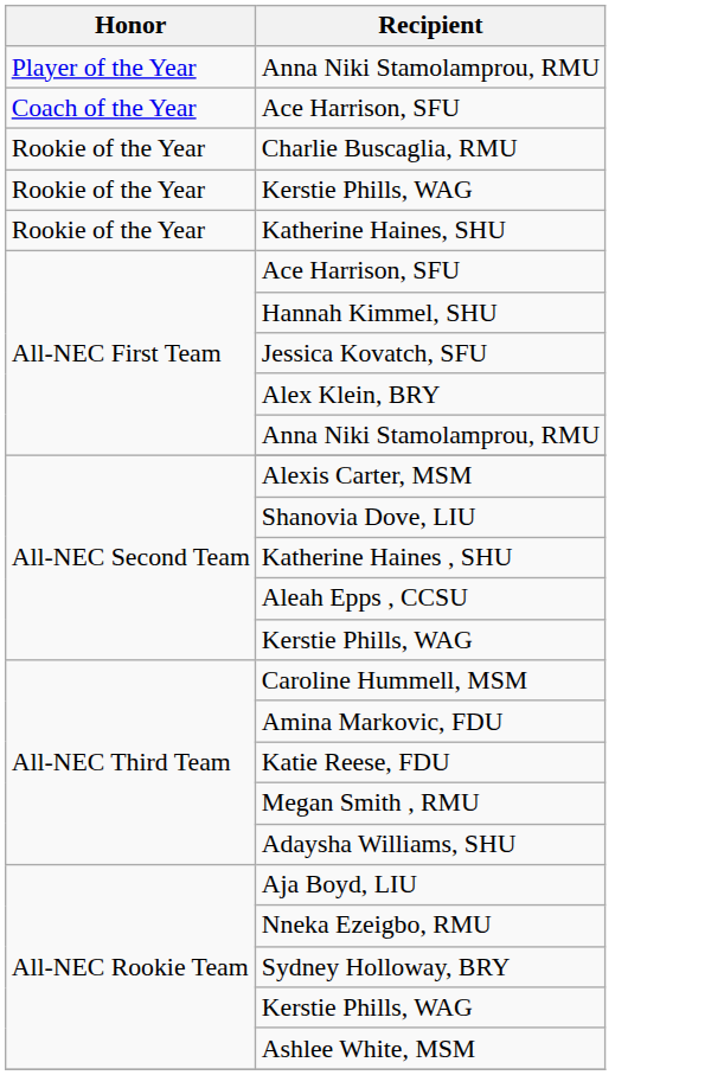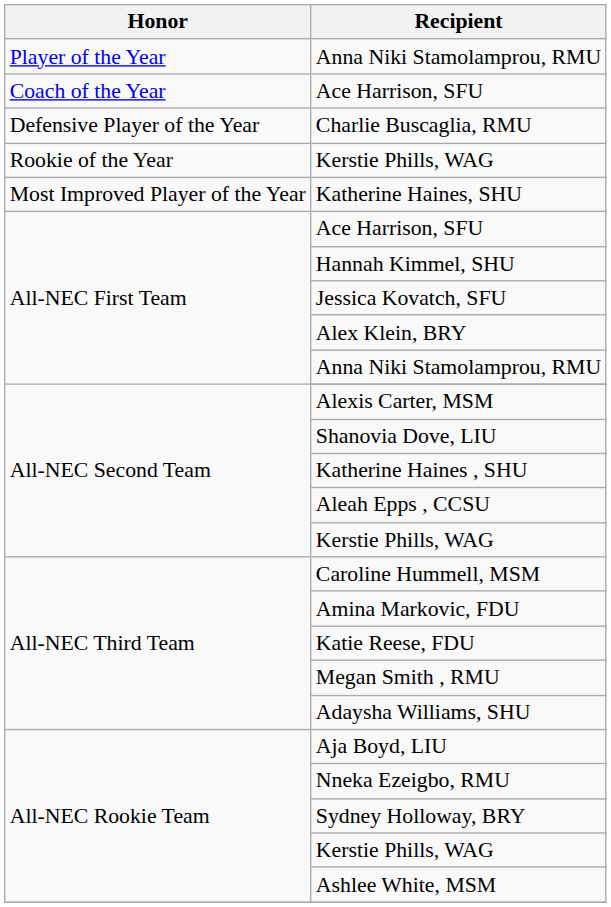 <table class="wikitable" border="1">
 <tr>
 <th>Honor</th>
 <th>Recipient</th>
 </tr>
 <tr>
 <td><a href='#'>Player of the Year</a></td>
 <td>Anna Niki Stamolamprou, RMU</td>
 </tr>
 <tr>
 <td><a href='#'>Coach of the Year</a></td>
 <td>Ace Harrison, SFU</td>
 </tr>
 <tr>
-<td>Rookie of the Year</td>
+<td>Defensive Player of the Year</td>
 <td>Charlie Buscaglia, RMU</td>
 </tr>
 <tr>
 <td>Rookie of the Year</td>
 <td>Kerstie Phills, WAG</td>
 </tr>
 <tr>
-<td>Rookie of the Year</td>
+<td>Most Improved Player of the Year</td>
 <td>Katherine Haines, SHU</td>
 </tr>
 <tr>
 <td rowspan="5" valign="middle">All-NEC First Team</td>
 <td>Ace Harrison, SFU</td>
 </tr>
 <tr>
 <td>Hannah Kimmel, SHU</td>
 </tr>
 <tr>
 <td>Jessica Kovatch, SFU</td>
 </tr>
 <tr>
 <td>Alex Klein, BRY</td>
 </tr>
 <tr>
 <td>Anna Niki Stamolamprou, RMU</td>
 </tr>
 <tr>
 <td rowspan="6" valign="middle">All-NEC Second Team</td>
 </tr>
 <tr>
 <td>Alexis Carter, MSM</td>
 </tr>
 <tr>
 <td>Shanovia Dove, LIU</td>
 </tr>
 <tr>
 <td>Katherine Haines , SHU</td>
 </tr>
 <tr>
 <td>Aleah Epps , CCSU</td>
 </tr>
 <tr>
 <td>Kerstie Phills, WAG</td>
 </tr>
 <tr>
 <td rowspan="5" valign="middle">All-NEC Third Team</td>
 <td>Caroline Hummell, MSM</td>
 </tr>
 <tr>
 <td>Amina Markovic, FDU</td>
 </tr>
 <tr>
 <td>Katie Reese, FDU</td>
 </tr>
 <tr>
 <td>Megan Smith , RMU</td>
 </tr>
 <tr>
 <td>Adaysha Williams, SHU</td>
 </tr>
 <tr>
 <td rowspan="5" valign="middle">All-NEC Rookie Team</td>
 <td>Aja Boyd, LIU</td>
 </tr>
 <tr>
 <td>Nneka Ezeigbo, RMU</td>
 </tr>
 <tr>
 <td>Sydney Holloway, BRY</td>
 </tr>
 <tr>
 <td>Kerstie Phills, WAG</td>
 </tr>
 <tr>
 <td>Ashlee White, MSM</td>
 </tr>
 <tr>
 </tr>
 </table>
